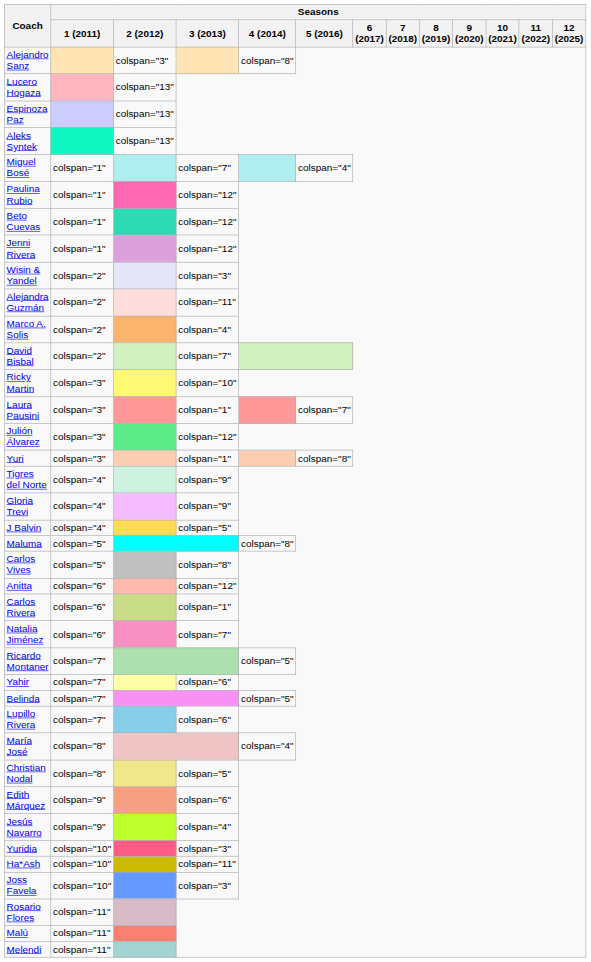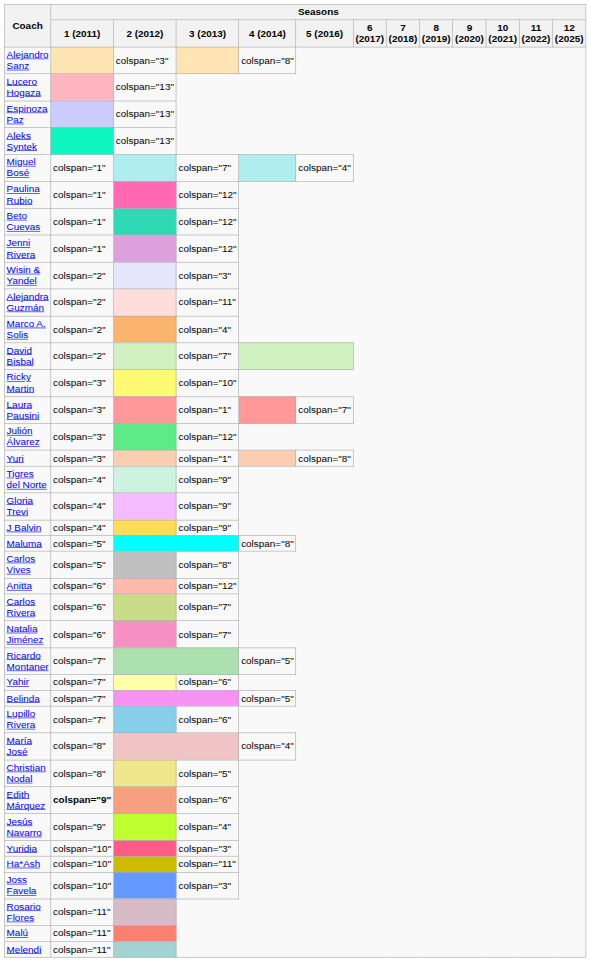 <table style="width:60%;align:center;" class="wikitable center col1cen col2cen">
 <tr>
 <th colspan="1" rowspan="2">Coach</th>
 <th colspan="18">Seasons</th>
 </tr>
 <tr>
 <th width="100">1 (2011)</th>
 <th width="100">2 (2012)</th>
 <th width="100">3 (2013)</th>
 <th width="100">4 (2014)</th>
 <th width="100">5 (2016)</th>
 <th width="100">6 (2017)</th>
 <th width="100">7 (2018)</th>
 <th width="100">8 (2019)</th>
 <th width="100">9 (2020)</th>
 <th width="100">10 (2021)</th>
 <th width="100">11 (2022)</th>
 <th width="100">12 (2025)</th>
 </tr>
 <tr>
 <td><a href='#'>Alejandro Sanz</a></td>
 <td style="background:#ffe5b4"></td>
 <td>colspan="3" </td>
 <td style="background:#ffe5b4"></td>
 <td>colspan="8" </td>
 </tr>
 <tr>
 <td><a href='#'>Lucero Hogaza</a></td>
 <td style="background:lightpink"></td>
 <td>colspan="13" </td>
 </tr>
 <tr>
 <td><a href='#'>Espinoza Paz</a></td>
 <td style="background:#ccccff"></td>
 <td>colspan="13" </td>
 </tr>
 <tr>
 <td><a href='#'>Aleks Syntek</a></td>
 <td style="background:#0ff7c0"></td>
 <td>colspan="13" </td>
 </tr>
 <tr>
 <td><a href='#'>Miguel Bosé</a></td>
 <td>colspan="1" </td>
 <td style="background:#afeeee"></td>
 <td>colspan="7" </td>
 <td style="background:#afeeee"></td>
 <td>colspan="4" </td>
 </tr>
 <tr>
 <td><a href='#'>Paulina Rubio</a></td>
 <td>colspan="1" </td>
 <td style="background:#FF69B4"></td>
 <td>colspan="12" </td>
 </tr>
 <tr>
 <td><a href='#'>Beto Cuevas</a></td>
 <td>colspan="1" </td>
 <td style="background:#2ddab4"></td>
 <td>colspan="12" </td>
 </tr>
 <tr>
 <td><a href='#'>Jenni Rivera</a></td>
 <td>colspan="1" </td>
 <td style="background:#dda0dd"></td>
 <td>colspan="12" </td>
 </tr>
 <tr>
 <td><a href='#'>Wisin & Yandel</a></td>
 <td>colspan="2" </td>
 <td style="background:lavender"></td>
 <td>colspan="3" </td>
 </tr>
 <tr>
 <td><a href='#'>Alejandra Guzmán</a></td>
 <td>colspan="2" </td>
 <td style="background:#ffdddd"></td>
 <td>colspan="11" </td>
 </tr>
 <tr>
 <td><a href='#'>Marco A. Solis</a></td>
 <td>colspan="2" </td>
 <td style="background:#fbb46e"></td>
 <td>colspan="4" </td>
 </tr>
 <tr>
 <td><a href='#'>David Bisbal</a></td>
 <td>colspan="2" </td>
 <td style="background:#d0f0c0"></td>
 <td>colspan="7" </td>
 <td colspan="2" style="background:#d0f0c0"></td>
 </tr>
 <tr>
 <td><a href='#'>Ricky Martin</a></td>
 <td>colspan="3" </td>
 <td style="background:#fffa73"></td>
 <td>colspan="10" </td>
 </tr>
 <tr>
 <td><a href='#'>Laura Pausini</a></td>
 <td>colspan="3" </td>
 <td style="background:#ff9999"></td>
 <td>colspan="1" </td>
 <td style="background:#ff9999"></td>
 <td>colspan="7" </td>
 </tr>
 <tr>
 <td><a href='#'>Julión Álvarez</a></td>
 <td>colspan="3" </td>
 <td style="background:#5deb87"></td>
 <td>colspan="12" </td>
 </tr>
 <tr>
 <td><a href='#'>Yuri</a></td>
 <td>colspan="3" </td>
 <td style="background:#FBCEB1"></td>
 <td>colspan="1" </td>
 <td style="background:#FBCEB1"></td>
 <td>colspan="8" </td>
 </tr>
 <tr>
 <td><a href='#'>Tigres del Norte</a></td>
 <td>colspan="4" </td>
 <td style="background:#cef2e0"></td>
 <td>colspan="9" </td>
 </tr>
 <tr>
 <td><a href='#'>Gloria Trevi</a></td>
 <td>colspan="4" </td>
 <td style="background:#f4bbff"></td>
 <td>colspan="9" </td>
 </tr>
 <tr>
 <td><a href='#'>J Balvin</a></td>
 <td>colspan="4" </td>
 <td style="background:#ffdb58"></td>
-<td>colspan="5" </td>
+<td>colspan="9" </td>
 </tr>
 <tr>
 <td><a href='#'>Maluma</a></td>
 <td>colspan="5" </td>
 <td colspan="2" bgcolor="00FFFF"></td>
 <td>colspan="8" </td>
 </tr>
 <tr>
 <td><a href='#'>Carlos Vives</a></td>
 <td>colspan="5" </td>
 <td colspan="1" bgcolor="silver"></td>
 <td>colspan="8" </td>
 </tr>
 <tr>
 <td><a href='#'>Anitta</a></td>
 <td>colspan="6" </td>
 <td colspan="1" bgcolor="#febaad"></td>
 <td>colspan="12" </td>
 </tr>
 <tr>
 <td><a href='#'>Carlos Rivera</a></td>
 <td>colspan="6" </td>
 <td colspan="1" bgcolor="#C9DC87"></td>
-<td>colspan="1" </td>
+<td>colspan="7" </td>
 </tr>
 <tr>
 <td><a href='#'>Natalia Jiménez</a></td>
 <td>colspan="6" </td>
 <td colspan="1" bgcolor="#f78fc2"></td>
 <td>colspan="7" </td>
 </tr>
 <tr>
 <td><a href='#'>Ricardo Montaner</a></td>
 <td>colspan="7" </td>
 <td colspan="2" bgcolor="#ace1af"></td>
 <td>colspan="5" </td>
 </tr>
 <tr>
 <td><a href='#'>Yahir</a></td>
 <td>colspan="7" </td>
 <td colspan="1" bgcolor="#ffffaa"></td>
 <td>colspan="6" </td>
 </tr>
 <tr>
 <td><a href='#'>Belinda</a></td>
 <td>colspan="7" </td>
 <td colspan="2" bgcolor="f791f3"></td>
 <td>colspan="5" </td>
 </tr>
 <tr>
 <td><a href='#'>Lupillo Rivera</a></td>
 <td>colspan="7" </td>
 <td colspan="1" bgcolor="87ceeb"></td>
 <td>colspan="6" </td>
 </tr>
 <tr>
 <td><a href='#'>María José</a></td>
 <td>colspan="8" </td>
 <td colspan="2" bgcolor="#f0c4c4"></td>
 <td>colspan="4" </td>
 </tr>
 <tr>
 <td><a href='#'>Christian Nodal</a></td>
 <td>colspan="8" </td>
 <td colspan="1" bgcolor="khaki"></td>
 <td>colspan="5" </td>
 </tr>
 <tr>
 <td><a href='#'>Edith Márquez</a></td>
-<td>colspan="9" </td>
+<td><strong>colspan="9" </strong></td>
 <td colspan="1" bgcolor="F79F81"></td>
 <td>colspan="6" </td>
 </tr>
 <tr>
 <td><a href='#'>Jesús Navarro</a></td>
 <td>colspan="9" </td>
 <td colspan="1" bgcolor="bdff2f"></td>
 <td>colspan="4" </td>
 </tr>
 <tr>
 <td><a href='#'>Yuridia</a></td>
 <td>colspan="10" </td>
 <td colspan="1" bgcolor="FC5C86"></td>
 <td>colspan="3" </td>
 </tr>
 <tr>
 <td><a href='#'>Ha*Ash</a></td>
 <td>colspan="10" </td>
 <td colspan="1" bgcolor="CCBB00"></td>
 <td>colspan="11" </td>
 </tr>
 <tr>
 <td><a href='#'>Joss Favela</a></td>
 <td>colspan="10" </td>
 <td colspan="1" bgcolor="6699FF"></td>
 <td>colspan="3" </td>
 </tr>
 <tr>
 <td><a href='#'>Rosario Flores</a></td>
 <td>colspan="11" </td>
 <td bgcolor="d7bbc6"></td>
 </tr>
 <tr>
 <td><a href='#'>Malú</a></td>
 <td>colspan="11" </td>
 <td bgcolor="salmon"></td>
 </tr>
 <tr>
 <td><a href='#'>Melendi</a></td>
 <td>colspan="11" </td>
 <td colspan="1" bgcolor="a3d3d3"></td>
 </tr>
 </table>
